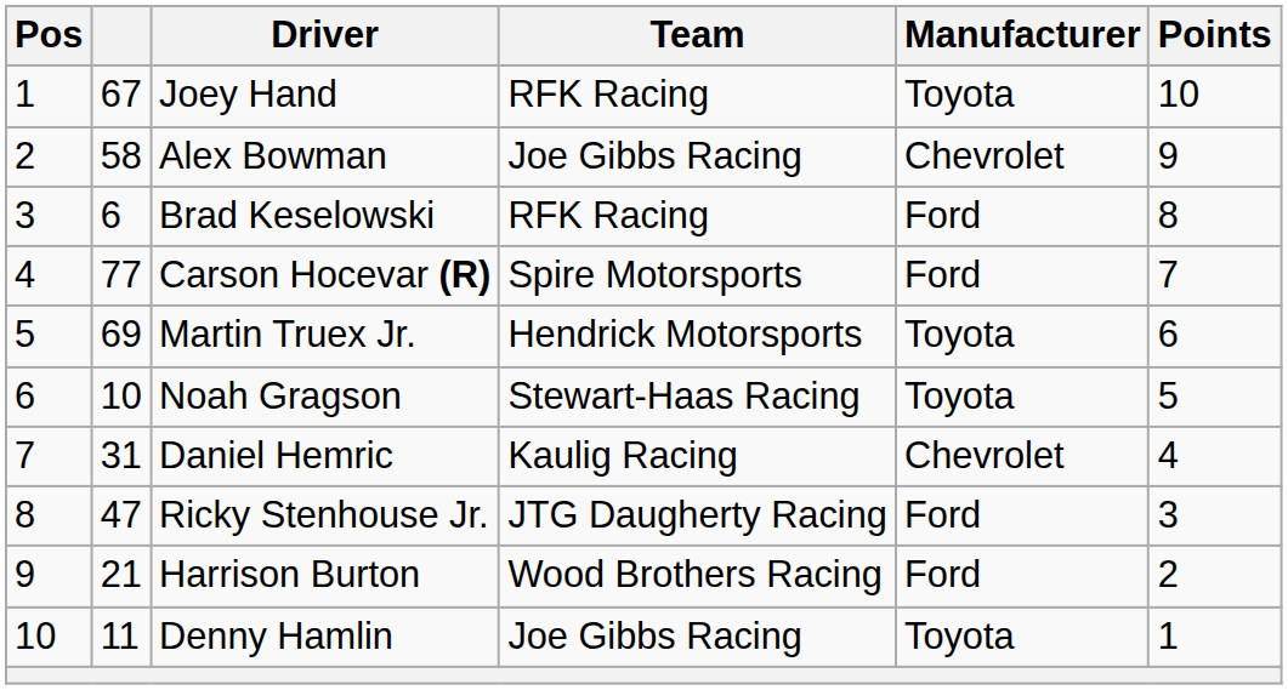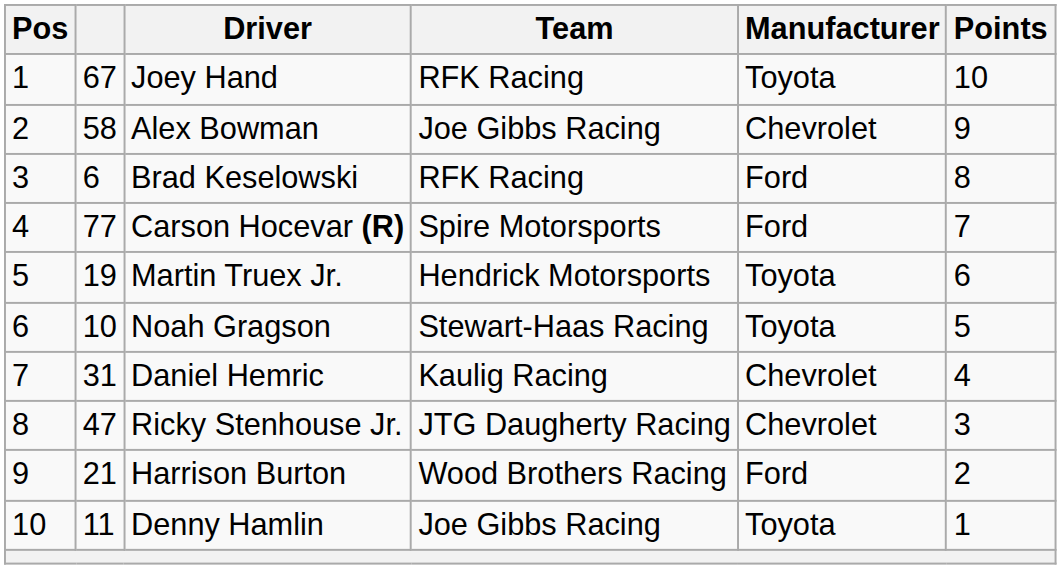 <table class="wikitable" style="font-size:98%">
 <tr>
 <th>Pos</th>
 <th></th>
 <th>Driver</th>
 <th>Team</th>
 <th>Manufacturer</th>
 <th>Points</th>
 </tr>
 <tr>
 <td>1</td>
 <td>67</td>
 <td>Joey Hand</td>
 <td>RFK Racing</td>
 <td>Toyota</td>
 <td>10</td>
 </tr>
 <tr>
 <td>2</td>
 <td>58</td>
 <td>Alex Bowman</td>
 <td>Joe Gibbs Racing</td>
 <td>Chevrolet</td>
 <td>9</td>
 </tr>
 <tr>
 <td>3</td>
 <td>6</td>
 <td>Brad Keselowski</td>
 <td>RFK Racing</td>
 <td>Ford</td>
 <td>8</td>
 </tr>
 <tr>
 <td>4</td>
 <td>77</td>
 <td>Carson Hocevar <strong>(R)</strong></td>
 <td>Spire Motorsports</td>
 <td>Ford</td>
 <td>7</td>
 </tr>
 <tr>
 <td>5</td>
-<td>69</td>
+<td>19</td>
 <td>Martin Truex Jr.</td>
 <td>Hendrick Motorsports</td>
 <td>Toyota</td>
 <td>6</td>
 </tr>
 <tr>
 <td>6</td>
 <td>10</td>
 <td>Noah Gragson</td>
 <td>Stewart-Haas Racing</td>
 <td>Toyota</td>
 <td>5</td>
 </tr>
 <tr>
 <td>7</td>
 <td>31</td>
 <td>Daniel Hemric</td>
 <td>Kaulig Racing</td>
 <td>Chevrolet</td>
 <td>4</td>
 </tr>
 <tr>
 <td>8</td>
 <td>47</td>
 <td>Ricky Stenhouse Jr.</td>
 <td>JTG Daugherty Racing</td>
-<td>Ford</td>
+<td>Chevrolet</td>
 <td>3</td>
 </tr>
 <tr>
 <td>9</td>
 <td>21</td>
 <td>Harrison Burton</td>
 <td>Wood Brothers Racing</td>
 <td>Ford</td>
 <td>2</td>
 </tr>
 <tr>
 <td>10</td>
 <td>11</td>
 <td>Denny Hamlin</td>
 <td>Joe Gibbs Racing</td>
 <td>Toyota</td>
 <td>1</td>
 </tr>
 <tr>
 <th colspan="6"></th>
 </tr>
 </table>
